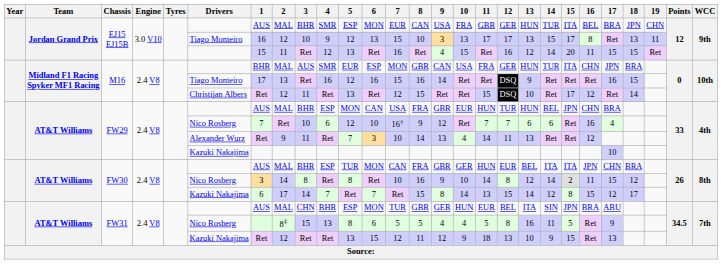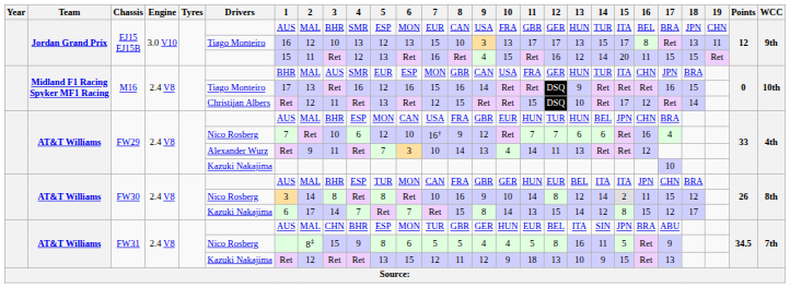 <table class="wikitable" style="text-align:center; font-size:85%">
 <tr>
 <th>Year</th>
 <th>Team</th>
 <th>Chassis</th>
 <th>Engine</th>
 <th>Tyres</th>
 <th>Drivers</th>
 <th>1</th>
 <th>2</th>
 <th>3</th>
 <th>4</th>
 <th>5</th>
 <th>6</th>
 <th>7</th>
 <th>8</th>
 <th>9</th>
 <th>10</th>
 <th>11</th>
 <th>12</th>
 <th>13</th>
 <th>14</th>
 <th>15</th>
 <th>16</th>
 <th>17</th>
 <th>18</th>
 <th>19</th>
 <th>Points</th>
 <th>WCC</th>
 </tr>
 <tr>
 <th rowspan="3"></th>
 <th rowspan="3"><a href='#'>Jordan Grand Prix</a></th>
 <td rowspan="3"><a href='#'>EJ15</a><br><a href='#'>EJ15B</a></td>
 <td rowspan="3"> 3.0 <a href='#'>V10</a></td>
 <td rowspan="3"></td>
 <td></td>
 <td><a href='#'>AUS</a></td>
 <td><a href='#'>MAL</a></td>
 <td><a href='#'>BHR</a></td>
 <td><a href='#'>SMR</a></td>
 <td><a href='#'>ESP</a></td>
 <td><a href='#'>MON</a></td>
 <td><a href='#'>EUR</a></td>
 <td><a href='#'>CAN</a></td>
 <td><a href='#'>USA</a></td>
 <td><a href='#'>FRA</a></td>
 <td><a href='#'>GBR</a></td>
 <td><a href='#'>GER</a></td>
 <td><a href='#'>HUN</a></td>
 <td><a href='#'>TUR</a></td>
 <td><a href='#'>ITA</a></td>
 <td><a href='#'>BEL</a></td>
 <td><a href='#'>BRA</a></td>
 <td><a href='#'>JPN</a></td>
 <td><a href='#'>CHN</a></td>
 <th rowspan="3">12</th>
 <th rowspan="3">9th</th>
 </tr>
 <tr>
 <td align="left"> <a href='#'>Tiago Monteiro</a></td>
 <td style="background:#CFCFFF;">16</td>
 <td style="background:#CFCFFF;">12</td>
 <td style="background:#CFCFFF;">10</td>
-<td style="background:#CFCFFF;">9</td>
+<td style="background:#CFCFFF;">13</td>
 <td style="background:#CFCFFF;">12</td>
 <td style="background:#CFCFFF;">13</td>
 <td style="background:#CFCFFF;">15</td>
 <td style="background:#CFCFFF;">10</td>
 <td style="background:#FFDF9F;">3</td>
 <td style="background:#CFCFFF;">13</td>
 <td style="background:#CFCFFF;">17</td>
 <td style="background:#CFCFFF;">17</td>
 <td style="background:#CFCFFF;">13</td>
 <td style="background:#CFCFFF;">15</td>
 <td style="background:#CFCFFF;">17</td>
 <td style="background:#DFFFDF;">8</td>
 <td style="background:#EFCFFF;">Ret</td>
 <td style="background:#CFCFFF;">13</td>
 <td style="background:#CFCFFF;">11</td>
 </tr>
 <tr>
 <td align="left"></td>
 <td style="background:#CFCFFF;">15</td>
 <td style="background:#CFCFFF;">11</td>
 <td style="background:#EFCFFF;">Ret</td>
 <td style="background:#CFCFFF;">12</td>
 <td style="background:#CFCFFF;">13</td>
 <td style="background:#EFCFFF;">Ret</td>
 <td style="background:#CFCFFF;">16</td>
 <td style="background:#EFCFFF;">Ret</td>
 <td style="background:#DFFFDF;">4</td>
 <td style="background:#CFCFFF;">15</td>
 <td style="background:#EFCFFF;">Ret</td>
 <td style="background:#CFCFFF;">16</td>
 <td style="background:#CFCFFF;">12</td>
 <td style="background:#CFCFFF;">14</td>
 <td style="background:#CFCFFF;">20</td>
 <td style="background:#CFCFFF;">11</td>
 <td style="background:#CFCFFF;">15</td>
 <td style="background:#CFCFFF;">15</td>
 <td style="background:#EFCFFF;">Ret</td>
 </tr>
 <tr>
 <th rowspan="3"></th>
 <th rowspan="3"><a href='#'>Midland F1 Racing</a><br><a href='#'>Spyker MF1 Racing</a></th>
 <td rowspan="3"><a href='#'>M16</a></td>
 <td rowspan="3"> 2.4 <a href='#'>V8</a></td>
 <td rowspan="3"></td>
 <td></td>
 <td><a href='#'>BHR</a></td>
 <td><a href='#'>MAL</a></td>
 <td><a href='#'>AUS</a></td>
 <td><a href='#'>SMR</a></td>
 <td><a href='#'>EUR</a></td>
 <td><a href='#'>ESP</a></td>
 <td><a href='#'>MON</a></td>
 <td><a href='#'>GBR</a></td>
 <td><a href='#'>CAN</a></td>
 <td><a href='#'>USA</a></td>
 <td><a href='#'>FRA</a></td>
 <td><a href='#'>GER</a></td>
 <td><a href='#'>HUN</a></td>
 <td><a href='#'>TUR</a></td>
 <td><a href='#'>ITA</a></td>
 <td><a href='#'>CHN</a></td>
 <td><a href='#'>JPN</a></td>
 <td><a href='#'>BRA</a></td>
 <td></td>
 <th rowspan="3">0</th>
 <th rowspan="3">10th</th>
 </tr>
 <tr>
 <td align="left"> <a href='#'>Tiago Monteiro</a></td>
 <td style="background:#CFCFFF;">17</td>
 <td style="background:#CFCFFF;">13</td>
 <td style="background:#EFCFFF;">Ret</td>
 <td style="background:#CFCFFF;">16</td>
 <td style="background:#CFCFFF;">12</td>
 <td style="background:#CFCFFF;">16</td>
 <td style="background:#CFCFFF;">15</td>
 <td style="background:#CFCFFF;">16</td>
 <td style="background:#CFCFFF;">14</td>
 <td style="background:#EFCFFF;">Ret</td>
 <td style="background:#EFCFFF;">Ret</td>
 <td style="background:#000000; color:white">DSQ</td>
 <td style="background:#CFCFFF;">9</td>
 <td style="background:#EFCFFF;">Ret</td>
 <td style="background:#EFCFFF;">Ret</td>
 <td style="background:#EFCFFF;">Ret</td>
 <td style="background:#CFCFFF;">16</td>
 <td style="background:#CFCFFF;">15</td>
 <td></td>
 </tr>
 <tr>
 <td align="left"> <a href='#'>Christijan Albers</a></td>
 <td style="background:#EFCFFF;">Ret</td>
 <td style="background:#CFCFFF;">12</td>
 <td style="background:#CFCFFF;">11</td>
 <td style="background:#EFCFFF;">Ret</td>
 <td style="background:#CFCFFF;">13</td>
 <td style="background:#EFCFFF;">Ret</td>
 <td style="background:#CFCFFF;">12</td>
 <td style="background:#CFCFFF;">15</td>
 <td style="background:#EFCFFF;">Ret</td>
 <td style="background:#EFCFFF;">Ret</td>
 <td style="background:#CFCFFF;">15</td>
 <td style="background:#000000; color:white">DSQ</td>
 <td style="background:#CFCFFF;">10</td>
 <td style="background:#EFCFFF;">Ret</td>
 <td style="background:#CFCFFF;">17</td>
 <td style="background:#CFCFFF;">12</td>
 <td style="background:#EFCFFF;">Ret</td>
 <td style="background:#CFCFFF;">14</td>
 <td></td>
 </tr>
 <tr>
 <th rowspan="4"></th>
 <th rowspan="4"><a href='#'>AT&T Williams</a></th>
 <td rowspan="4"><a href='#'>FW29</a></td>
 <td rowspan="4"> 2.4 <a href='#'>V8</a></td>
 <td rowspan="4"></td>
 <td></td>
 <td><a href='#'>AUS</a></td>
 <td><a href='#'>MAL</a></td>
 <td><a href='#'>BHR</a></td>
 <td><a href='#'>ESP</a></td>
 <td><a href='#'>MON</a></td>
 <td><a href='#'>CAN</a></td>
 <td><a href='#'>USA</a></td>
 <td><a href='#'>FRA</a></td>
 <td><a href='#'>GBR</a></td>
 <td><a href='#'>EUR</a></td>
 <td><a href='#'>HUN</a></td>
 <td><a href='#'>TUR</a></td>
 <td><a href='#'>HUN</a></td>
 <td><a href='#'>BEL</a></td>
 <td><a href='#'>JPN</a></td>
 <td><a href='#'>CHN</a></td>
 <td><a href='#'>BRA</a></td>
 <td></td>
 <td></td>
 <th rowspan="4">33</th>
 <th rowspan="4">4th</th>
 </tr>
 <tr>
 <td align="left"> <a href='#'>Nico Rosberg</a></td>
 <td style="background:#DFFFDF;">7</td>
 <td style="background:#EFCFFF;">Ret</td>
 <td style="background:#CFCFFF;">10</td>
 <td style="background:#DFFFDF;">6</td>
 <td style="background:#CFCFFF;">12</td>
 <td style="background:#CFCFFF;">10</td>
 <td style="background:#CFCFFF;">16<sup>†</sup></td>
 <td style="background:#CFCFFF;">9</td>
 <td style="background:#CFCFFF;">12</td>
 <td style="background:#EFCFFF;">Ret</td>
 <td style="background:#DFFFDF;">7</td>
 <td style="background:#DFFFDF;">7</td>
 <td style="background:#DFFFDF;">6</td>
 <td style="background:#DFFFDF;">6</td>
 <td style="background:#EFCFFF;">Ret</td>
 <td style="background:#CFCFFF;">16</td>
 <td style="background:#DFFFDF;">4</td>
 <td></td>
 <td></td>
 </tr>
 <tr>
 <td align="left"> <a href='#'>Alexander Wurz</a></td>
 <td style="background:#EFCFFF;">Ret</td>
 <td style="background:#CFCFFF;">9</td>
 <td style="background:#CFCFFF;">11</td>
 <td style="background:#EFCFFF;">Ret</td>
 <td style="background:#DFFFDF;">7</td>
 <td style="background:#FFDF9F;">3</td>
 <td style="background:#CFCFFF;">10</td>
 <td style="background:#CFCFFF;">14</td>
 <td style="background:#CFCFFF;">13</td>
 <td style="background:#DFFFDF;">4</td>
 <td style="background:#CFCFFF;">14</td>
 <td style="background:#CFCFFF;">11</td>
 <td style="background:#CFCFFF;">13</td>
 <td style="background:#EFCFFF;">Ret</td>
 <td style="background:#EFCFFF;">Ret</td>
 <td style="background:#CFCFFF;">12</td>
 <td></td>
 <td></td>
 <td></td>
 </tr>
 <tr>
 <td align="left"> <a href='#'>Kazuki Nakajima</a></td>
 <td></td>
 <td></td>
 <td></td>
 <td></td>
 <td></td>
 <td></td>
 <td></td>
 <td></td>
 <td></td>
 <td></td>
 <td></td>
 <td></td>
 <td></td>
 <td></td>
 <td></td>
 <td></td>
 <td style="background:#CFCFFF;">10</td>
 <td></td>
 <td></td>
 </tr>
 <tr>
 <th rowspan="3"></th>
 <th rowspan="3"><a href='#'>AT&T Williams</a></th>
 <td rowspan="3"><a href='#'>FW30</a></td>
 <td rowspan="3"> 2.4 <a href='#'>V8</a></td>
 <td rowspan="3"></td>
 <td></td>
 <td><a href='#'>AUS</a></td>
 <td><a href='#'>MAL</a></td>
 <td><a href='#'>BHR</a></td>
 <td><a href='#'>ESP</a></td>
 <td><a href='#'>TUR</a></td>
 <td><a href='#'>MON</a></td>
 <td><a href='#'>CAN</a></td>
 <td><a href='#'>FRA</a></td>
 <td><a href='#'>GBR</a></td>
 <td><a href='#'>GER</a></td>
 <td><a href='#'>HUN</a></td>
 <td><a href='#'>EUR</a></td>
 <td><a href='#'>BEL</a></td>
 <td><a href='#'>ITA</a></td>
 <td><a href='#'>ITA</a></td>
 <td><a href='#'>JPN</a></td>
 <td><a href='#'>CHN</a></td>
 <td><a href='#'>BRA</a></td>
 <td></td>
 <th rowspan="3">26</th>
 <th rowspan="3">8th</th>
 </tr>
 <tr>
 <td align="left"> <a href='#'>Nico Rosberg</a></td>
 <td style="background:#FFDF9F;">3</td>
 <td style="background:#CFCFFF;">14</td>
 <td style="background:#DFFFDF;">8</td>
 <td style="background:#EFCFFF;">Ret</td>
 <td style="background:#DFFFDF;">8</td>
 <td style="background:#EFCFFF;">Ret</td>
 <td style="background:#CFCFFF;">10</td>
 <td style="background:#CFCFFF;">16</td>
 <td style="background:#CFCFFF;">9</td>
 <td style="background:#CFCFFF;">10</td>
 <td style="background:#CFCFFF;">14</td>
 <td style="background:#DFFFDF;">8</td>
 <td style="background:#CFCFFF;">12</td>
 <td style="background:#CFCFFF;">14</td>
 <td style="background:#DFDFDF;">2</td>
 <td style="background:#CFCFFF;">11</td>
 <td style="background:#CFCFFF;">15</td>
 <td style="background:#CFCFFF;">12</td>
 <td></td>
 </tr>
 <tr>
 <td align="left"> <a href='#'>Kazuki Nakajima</a></td>
 <td style="background:#DFFFDF;">6</td>
 <td style="background:#CFCFFF;">17</td>
 <td style="background:#CFCFFF;">14</td>
 <td style="background:#DFFFDF;">7</td>
 <td style="background:#EFCFFF;">Ret</td>
 <td style="background:#DFFFDF;">7</td>
 <td style="background:#EFCFFF;">Ret</td>
 <td style="background:#CFCFFF;">15</td>
 <td style="background:#DFFFDF;">8</td>
 <td style="background:#CFCFFF;">14</td>
 <td style="background:#CFCFFF;">13</td>
 <td style="background:#CFCFFF;">15</td>
 <td style="background:#CFCFFF;">14</td>
 <td style="background:#CFCFFF;">12</td>
 <td style="background:#DFFFDF;">8</td>
 <td style="background:#CFCFFF;">15</td>
 <td style="background:#CFCFFF;">12</td>
 <td style="background:#CFCFFF;">17</td>
 <td></td>
 </tr>
 <tr>
 <th rowspan="3"></th>
 <th rowspan="3"><a href='#'>AT&T Williams</a></th>
 <td rowspan="3"><a href='#'>FW31</a></td>
 <td rowspan="3"> 2.4 <a href='#'>V8</a></td>
 <td rowspan="3"></td>
 <td></td>
 <td><a href='#'>AUS</a></td>
 <td><a href='#'>MAL</a></td>
 <td><a href='#'>CHN</a></td>
 <td><a href='#'>BHR</a></td>
 <td><a href='#'>ESP</a></td>
 <td><a href='#'>MON</a></td>
 <td><a href='#'>TUR</a></td>
 <td><a href='#'>GBR</a></td>
 <td><a href='#'>GER</a></td>
 <td><a href='#'>HUN</a></td>
 <td><a href='#'>EUR</a></td>
 <td><a href='#'>BEL</a></td>
 <td><a href='#'>ITA</a></td>
 <td><a href='#'>SIN</a></td>
 <td><a href='#'>JPN</a></td>
 <td><a href='#'>BRA</a></td>
 <td><a href='#'>ABU</a></td>
 <td></td>
 <td></td>
 <th rowspan="3">34.5</th>
 <th rowspan="3">7th</th>
 </tr>
 <tr>
 <td align="left"> <a href='#'>Nico Rosberg</a></td>
 <td style="background:#DFFFDF;"></td>
 <td style="background:#DFFFDF;">8<sup>‡</sup></td>
 <td style="background:#CFCFFF;">15</td>
-<td style="background:#CFCFFF;">13</td>
+<td style="background:#CFCFFF;">9</td>
 <td style="background:#DFFFDF;">8</td>
 <td style="background:#DFFFDF;">6</td>
 <td style="background:#DFFFDF;">5</td>
 <td style="background:#DFFFDF;">5</td>
 <td style="background:#DFFFDF;">4</td>
 <td style="background:#DFFFDF;">4</td>
 <td style="background:#DFFFDF;">5</td>
 <td style="background:#DFFFDF;">8</td>
 <td style="background:#CFCFFF;">16</td>
 <td style="background:#CFCFFF;">11</td>
 <td style="background:#DFFFDF;">5</td>
 <td style="background:#EFCFFF;">Ret</td>
 <td style="background:#CFCFFF;">9</td>
 <td></td>
 <td></td>
 </tr>
 <tr>
 <td align="left"> <a href='#'>Kazuki Nakajima</a></td>
 <td style="background:#EFCFFF;">Ret</td>
 <td style="background:#CFCFFF;">12</td>
 <td style="background:#EFCFFF;">Ret</td>
 <td style="background:#EFCFFF;">Ret</td>
 <td style="background:#CFCFFF;">13</td>
 <td style="background:#CFCFFF;">15</td>
 <td style="background:#CFCFFF;">12</td>
 <td style="background:#CFCFFF;">11</td>
 <td style="background:#CFCFFF;">12</td>
 <td style="background:#CFCFFF;">9</td>
 <td style="background:#CFCFFF;">18</td>
 <td style="background:#CFCFFF;">13</td>
 <td style="background:#CFCFFF;">10</td>
 <td style="background:#CFCFFF;">9</td>
 <td style="background:#CFCFFF;">15</td>
 <td style="background:#EFCFFF;">Ret</td>
 <td style="background:#CFCFFF;">13</td>
 <td></td>
 <td></td>
 </tr>
 <tr>
 <th colspan="27">Source:</th>
 </tr>
 </table>
